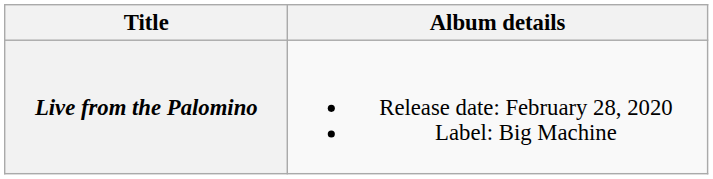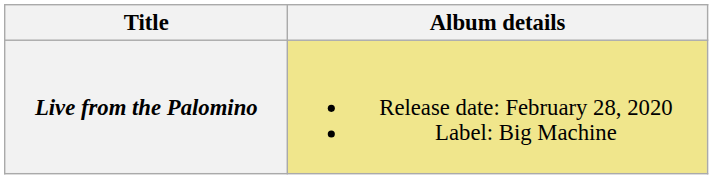 <table class="wikitable plainrowheaders" style="text-align:center;">
 <tr>
 <th style="width:12em;">Title</th>
 <th style="width:18em;">Album details</th>
 </tr>
 <tr>
 <th scope="row"><em>Live from the Palomino</em></th>
-<td><br><ul><li>Release date: February 28, 2020</li><li>Label: Big Machine</li></ul></td>
+<td style="background: khaki;"><br><ul><li>Release date: February 28, 2020</li><li>Label: Big Machine</li></ul></td>
 </tr>
 </table>
